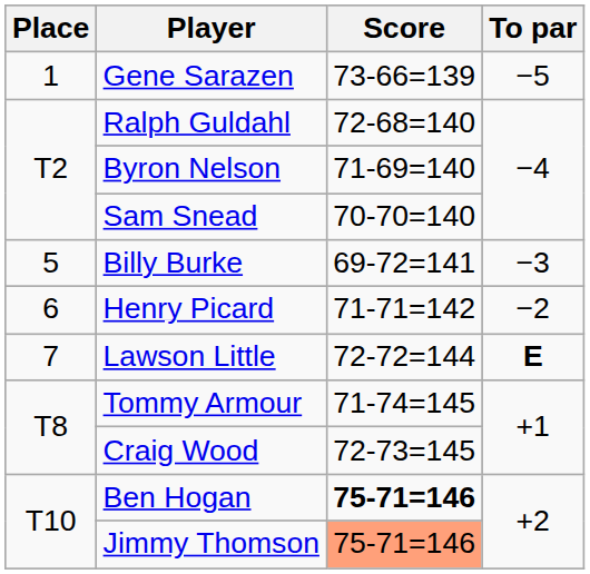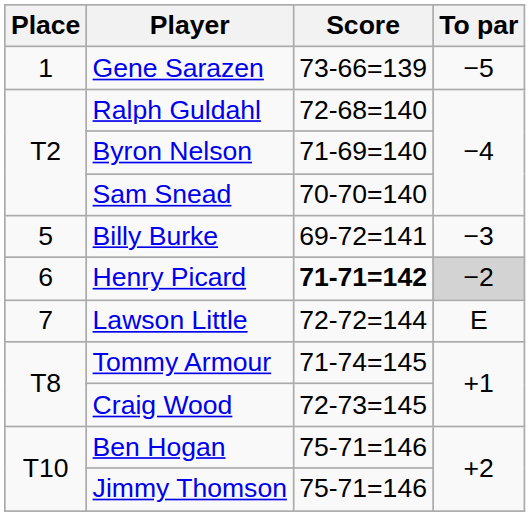 <table class="wikitable">
 <tr>
 <th>Place</th>
 <th>Player</th>
 <th>Score</th>
 <th>To par</th>
 </tr>
 <tr>
 <td align="center">1</td>
 <td> <a href='#'>Gene Sarazen</a></td>
 <td>73-66=139</td>
 <td align="center">−5</td>
 </tr>
 <tr>
 <td rowspan="3" align="center">T2</td>
 <td> <a href='#'>Ralph Guldahl</a></td>
 <td>72-68=140</td>
 <td rowspan="3" align="center">−4</td>
 </tr>
 <tr>
 <td> <a href='#'>Byron Nelson</a></td>
 <td>71-69=140</td>
 </tr>
 <tr>
 <td> <a href='#'>Sam Snead</a></td>
 <td>70-70=140</td>
 </tr>
 <tr>
 <td align="center">5</td>
 <td> <a href='#'>Billy Burke</a></td>
 <td>69-72=141</td>
 <td align="center">−3</td>
 </tr>
 <tr>
 <td align="center">6</td>
 <td> <a href='#'>Henry Picard</a></td>
-<td>71-71=142</td>
-<td align="center">−2</td>
+<td><strong>71-71=142</strong></td>
+<td align="center" style="background: lightgrey;">−2</td>
 </tr>
 <tr>
 <td align="center">7</td>
 <td> <a href='#'>Lawson Little</a></td>
 <td>72-72=144</td>
-<td align="center"><strong>E</strong></td>
+<td align="center">E</td>
 </tr>
 <tr>
 <td rowspan="2" align="center">T8</td>
 <td> <a href='#'>Tommy Armour</a></td>
 <td>71-74=145</td>
 <td rowspan="2" align="center">+1</td>
 </tr>
 <tr>
 <td> <a href='#'>Craig Wood</a></td>
 <td>72-73=145</td>
 </tr>
 <tr>
 <td rowspan="2" align="center">T10</td>
 <td> <a href='#'>Ben Hogan</a></td>
-<td><strong>75-71=146</strong></td>
+<td>75-71=146</td>
 <td rowspan="2" align="center">+2</td>
 </tr>
 <tr>
 <td> <a href='#'>Jimmy Thomson</a></td>
-<td style="background: lightsalmon;">75-71=146</td>
+<td>75-71=146</td>
 </tr>
 </table>
